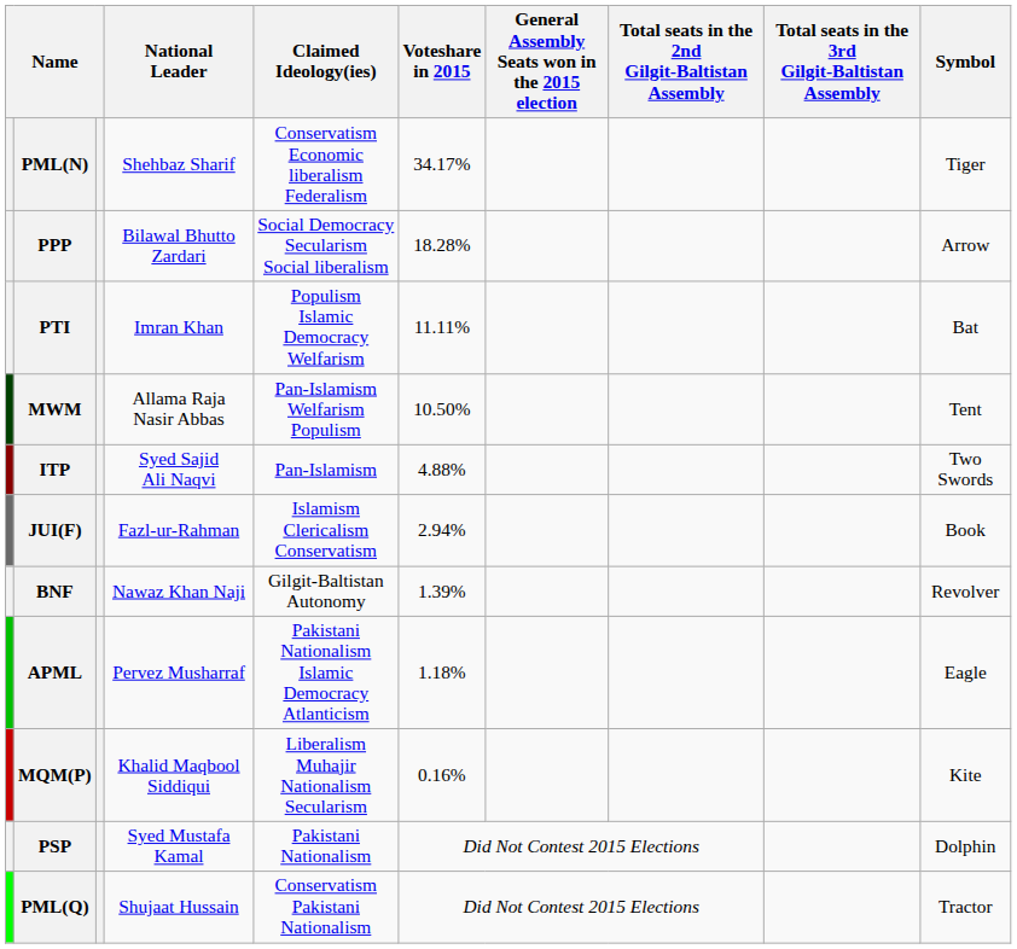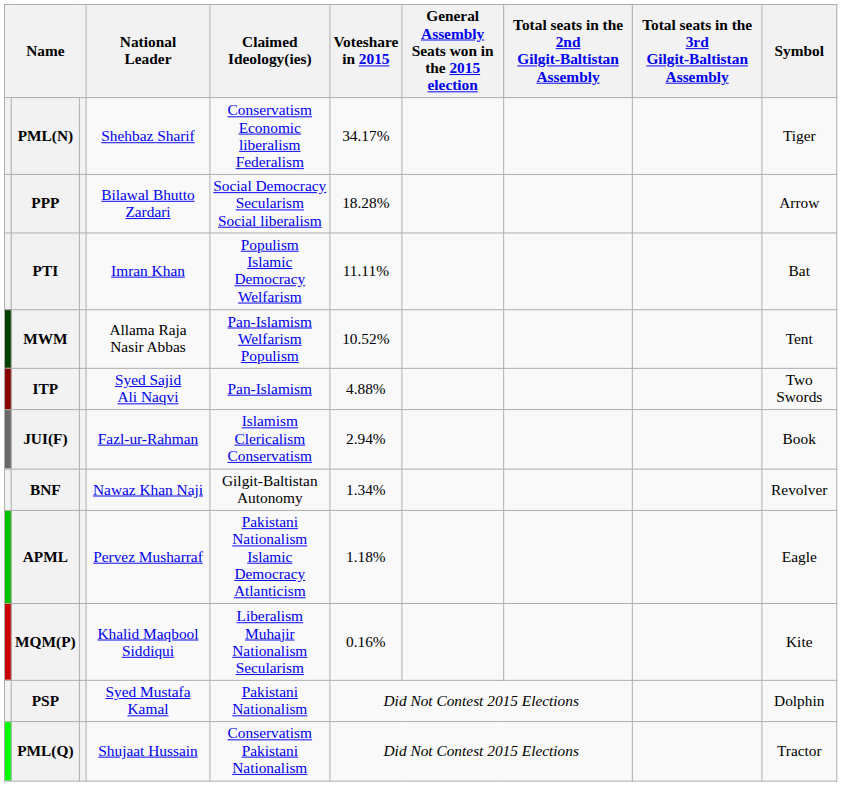 <table class="wikitable sortable">
 <tr>
 <th colspan = "3">Name</th>
 <th>National<br>Leader</th>
 <th>Claimed<br>Ideology(ies)</th>
 <th data-sort-type=number>Voteshare<br>in <a href='#'>2015</a></th>
 <th data-sort-type=number>General <a href='#'>Assembly</a><br>Seats won in<br>the <a href='#'>2015 election</a></th>
 <th data-sort-type=number>Total seats in the <a href='#'>2nd<br>Gilgit-Baltistan Assembly</a></th>
 <th data-sort-type=number>Total seats in the <a href='#'>3rd<br>Gilgit-Baltistan Assembly</a></th>
 <th>Symbol</th>
 </tr>
 <tr>
 <th style="background:"></th>
 <th style="text-align:center;"><strong>PML(N)</strong></th>
 <th style="text-align:center;"></th>
 <td style="text-align:center;"><a href='#'>Shehbaz Sharif</a></td>
 <td style="text-align:center;"><a href='#'>Conservatism</a><br><a href='#'>Economic liberalism</a><br><a href='#'>Federalism</a></td>
 <td style="text-align:center;">34.17%</td>
 <td style="text-align:center;"></td>
 <td style="text-align:center;"></td>
 <td style="text-align:center;"></td>
 <td style="text-align:center;">Tiger</td>
 </tr>
 <tr>
 <th style="background:"></th>
 <th style="text-align:center;"><strong>PPP</strong></th>
 <th style="text-align:center;"></th>
 <td style="text-align:center;"><a href='#'>Bilawal Bhutto<br>Zardari</a></td>
 <td style="text-align:center;"><a href='#'>Social Democracy</a><br><a href='#'>Secularism</a><br><a href='#'>Social liberalism</a></td>
 <td style="text-align:center;">18.28%</td>
 <td style="text-align:center;"></td>
 <td style="text-align:center;"></td>
 <td style="text-align:center;"></td>
 <td style="text-align:center;">Arrow</td>
 </tr>
 <tr>
 <th style="background:"></th>
 <th style="text-align:center;"><strong>PTI</strong></th>
 <th style="text-align:center;"></th>
 <td style="text-align:center;"><a href='#'>Imran Khan</a></td>
 <td style="text-align:center;"><a href='#'>Populism</a><br><a href='#'>Islamic Democracy</a><br><a href='#'>Welfarism</a></td>
 <td style="text-align:center;">11.11%</td>
 <td style="text-align:center;"></td>
 <td style="text-align:center;"></td>
 <td style="text-align:center;"></td>
 <td style="text-align:center;">Bat</td>
 </tr>
 <tr>
 <th style="background:#004000;"></th>
 <th style="text-align:center;"><strong>MWM</strong></th>
 <th style="text-align:center;"></th>
 <td style="text-align:center;">Allama Raja<br>Nasir Abbas</td>
 <td style="text-align:center;"><a href='#'>Pan-Islamism</a><br><a href='#'>Welfarism</a><br><a href='#'>Populism</a></td>
-<td style="text-align:center;">10.50%</td>
+<td style="text-align:center;">10.52%</td>
 <td style="text-align:center;"></td>
 <td style="text-align:center;"></td>
 <td style="text-align:center;"></td>
 <td style="text-align:center;">Tent</td>
 </tr>
 <tr>
 <th style="background:#880000;"></th>
 <th style="text-align:center;"><strong>ITP</strong></th>
 <th style="text-align:center;"></th>
 <td style="text-align:center;"><a href='#'>Syed Sajid<br>Ali Naqvi</a></td>
 <td style="text-align:center;"><a href='#'>Pan-Islamism</a></td>
 <td style="text-align:center;">4.88%</td>
 <td style="text-align:center;"></td>
 <td style="text-align:center;"></td>
 <td style="text-align:center;"></td>
 <td style="text-align:center;">Two Swords</td>
 </tr>
 <tr>
 <th style="background:#696969;"></th>
 <th style="text-align:center;"><strong>JUI(F)</strong></th>
 <th style="text-align:center;"></th>
 <td style="text-align:center;"><a href='#'>Fazl-ur-Rahman</a></td>
 <td style="text-align:center;"><a href='#'>Islamism</a><br><a href='#'>Clericalism</a><br><a href='#'>Conservatism</a></td>
 <td style="text-align:center;">2.94%</td>
 <td style="text-align:center;"></td>
 <td style="text-align:center;"></td>
 <td style="text-align:center;"></td>
 <td style="text-align:center;">Book</td>
 </tr>
 <tr>
 <th style="background:"></th>
 <th style="text-align:center;"><strong>BNF</strong></th>
 <th style="text-align:center;"></th>
 <td style="text-align:center;"><a href='#'>Nawaz Khan Naji</a></td>
 <td style="text-align:center;">Gilgit-Baltistan<br>Autonomy</td>
-<td style="text-align:center;">1.39%</td>
+<td style="text-align:center;">1.34%</td>
 <td style="text-align:center;"></td>
 <td style="text-align:center;"></td>
 <td style="text-align:center;"></td>
 <td style="text-align:center;">Revolver</td>
 </tr>
 <tr>
 <th style="background:#00C000;"></th>
 <th style="text-align:center;"><strong>APML</strong></th>
 <th style="text-align:center;"></th>
 <td style="text-align:center;"><a href='#'>Pervez Musharraf</a></td>
 <td style="text-align:center;"><a href='#'>Pakistani Nationalism</a><br><a href='#'>Islamic Democracy</a><br><a href='#'>Atlanticism</a></td>
 <td style="text-align:center;">1.18%</td>
 <td style="text-align:center;"></td>
 <td style="text-align:center;"></td>
 <td style="text-align:center;"></td>
 <td style="text-align:center;">Eagle</td>
 </tr>
 <tr>
 <th style="background:#C80000;"></th>
 <th style="text-align:center;"><strong>MQM(P)</strong></th>
 <th style="text-align:center;"></th>
 <td style="text-align:center;"><a href='#'>Khalid Maqbool Siddiqui</a></td>
 <td style="text-align:center;"><a href='#'>Liberalism</a><br><a href='#'>Muhajir</a> <a href='#'>Nationalism</a><br><a href='#'>Secularism</a></td>
 <td style="text-align:center;">0.16%</td>
 <td style="text-align:center;"></td>
 <td style="text-align:center;"></td>
 <td style="text-align:center;"></td>
 <td style="text-align:center;">Kite</td>
 </tr>
 <tr>
 <th style="background:"></th>
 <th style="text-align:center;"><strong>PSP</strong></th>
 <th style="text-align:center;"></th>
 <td style="text-align:center;"><a href='#'>Syed Mustafa<br>Kamal</a></td>
 <td style="text-align:center;"><a href='#'>Pakistani Nationalism</a></td>
 <td colspan="3" style="text-align:center;"><em>Did Not Contest 2015 Elections</em></td>
 <td style="text-align:center;"></td>
 <td style="text-align:center;">Dolphin</td>
 </tr>
 <tr>
 <th style="background:lime;"></th>
 <th style="text-align:center;"><strong>PML(Q)</strong></th>
 <th style="text-align:center;"></th>
 <td style="text-align:center;"><a href='#'>Shujaat Hussain</a></td>
 <td style="text-align:center;"><a href='#'>Conservatism</a><br><a href='#'>Pakistani Nationalism</a></td>
 <td style="text-align:center;" colspan="3"><em>Did Not Contest 2015 Elections</em></td>
 <td style="text-align:center;"></td>
 <td style="text-align:center;">Tractor</td>
 </tr>
 </table>
